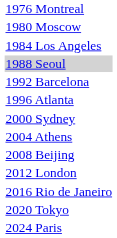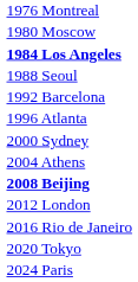 <table>
 <tr>
 <td><a href='#'>1976 Montreal</a><br></td>
 <td></td>
 <td></td>
 <td></td>
 </tr>
 <tr>
 <td><a href='#'>1980 Moscow</a><br></td>
 <td></td>
 <td></td>
 <td></td>
 </tr>
 <tr>
-<td><a href='#'>1984 Los Angeles</a><br></td>
+<td><strong><a href='#'>1984 Los Angeles</a><br></strong></td>
 <td></td>
 <td></td>
 <td></td>
 </tr>
 <tr>
-<td style="background: lightgrey;"><a href='#'>1988 Seoul</a><br></td>
+<td><a href='#'>1988 Seoul</a><br></td>
 <td></td>
 <td></td>
 <td></td>
 </tr>
 <tr>
 <td><a href='#'>1992 Barcelona</a><br></td>
 <td></td>
 <td></td>
 <td></td>
 </tr>
 <tr>
 <td><a href='#'>1996 Atlanta</a><br></td>
 <td></td>
 <td></td>
 <td></td>
 </tr>
 <tr>
 <td><a href='#'>2000 Sydney</a><br></td>
 <td></td>
 <td></td>
 <td></td>
 </tr>
 <tr>
 <td><a href='#'>2004 Athens</a><br></td>
 <td></td>
 <td></td>
 <td></td>
 </tr>
 <tr>
-<td><a href='#'>2008 Beijing</a><br></td>
+<td><strong><a href='#'>2008 Beijing</a><br></strong></td>
 <td></td>
 <td></td>
 <td></td>
 </tr>
 <tr>
 <td><a href='#'>2012 London</a><br></td>
 <td></td>
 <td></td>
 <td></td>
 </tr>
 <tr>
 <td><a href='#'>2016 Rio de Janeiro</a><br></td>
 <td></td>
 <td></td>
 <td></td>
 </tr>
 <tr>
 <td><a href='#'>2020 Tokyo</a> <br></td>
 <td></td>
 <td></td>
 <td></td>
 </tr>
 <tr>
 <td><a href='#'>2024 Paris</a> <br></td>
 <td></td>
 <td></td>
 <td></td>
 </tr>
 </table>
